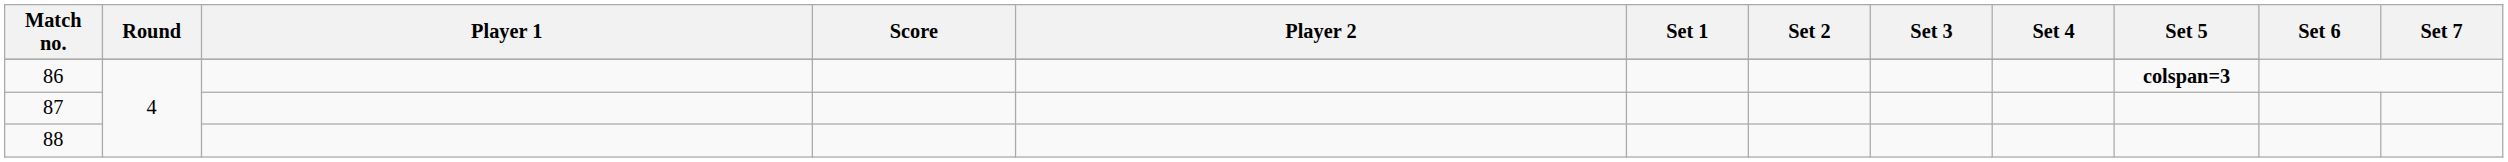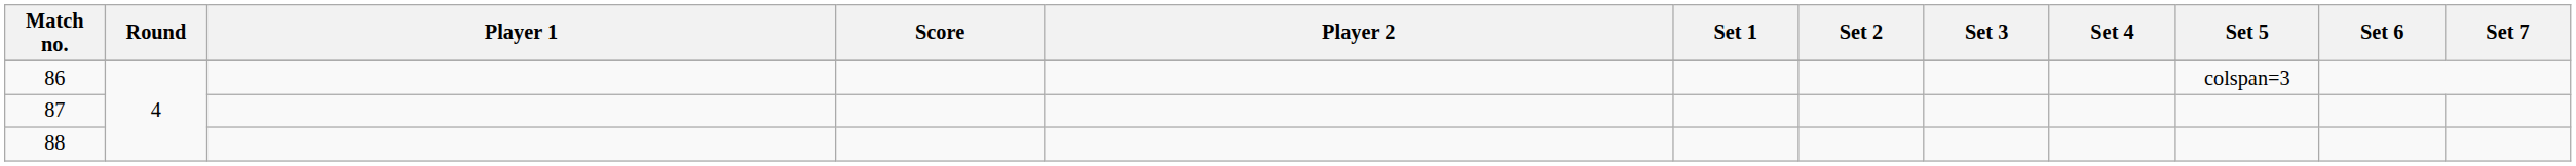 <table class="wikitable" style="text-align: center;">
 <tr>
 <th width="2%">Match no.</th>
 <th width="2%">Round</th>
 <th width="15%">Player 1</th>
 <th width="5%">Score</th>
 <th width="15%">Player 2</th>
 <th width="3%">Set 1</th>
 <th width="3%">Set 2</th>
 <th width="3%">Set 3</th>
 <th width="3%">Set 4</th>
 <th width="3%">Set 5</th>
 <th width="3%">Set 6</th>
 <th width="3%">Set 7</th>
 </tr>
 <tr>
 </tr>
 <tr style=text-align:center;>
 <td>86</td>
 <td rowspan=3>4</td>
 <td></td>
 <td></td>
 <td></td>
 <td></td>
 <td></td>
 <td></td>
 <td></td>
-<td><strong>colspan=3</strong></td>
+<td>colspan=3</td>
 </tr>
 <tr style=text-align:center;>
 <td>87</td>
 <td></td>
 <td></td>
 <td></td>
 <td></td>
 <td></td>
 <td></td>
 <td></td>
 <td></td>
 <td></td>
 <td></td>
 </tr>
 <tr style=text-align:center;>
 <td>88</td>
 <td></td>
 <td></td>
 <td></td>
 <td></td>
 <td></td>
 <td></td>
 <td></td>
 <td></td>
 <td></td>
 <td></td>
 </tr>
 </table>
